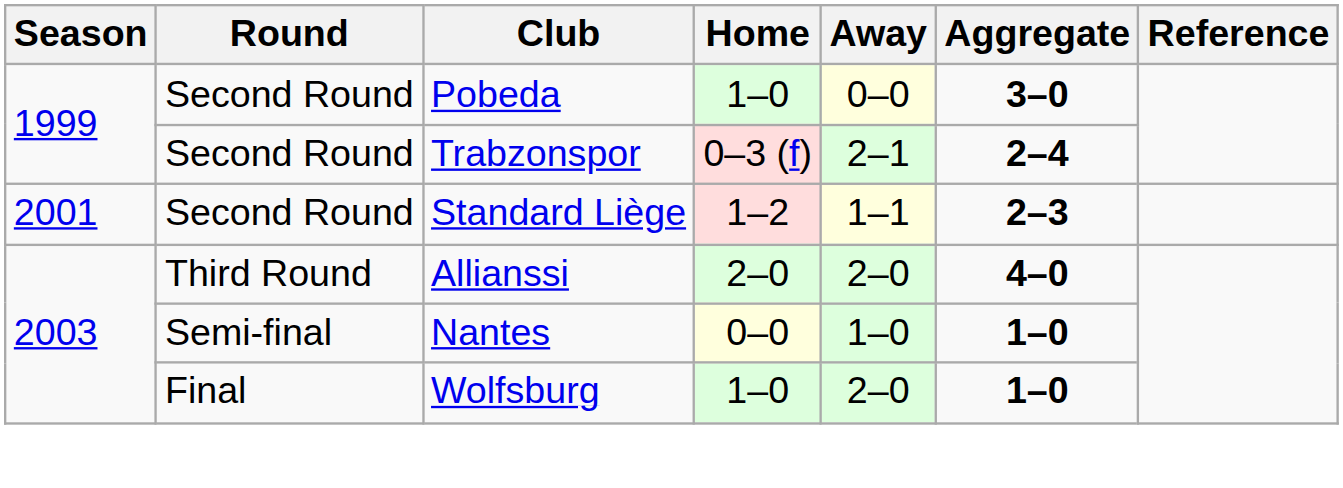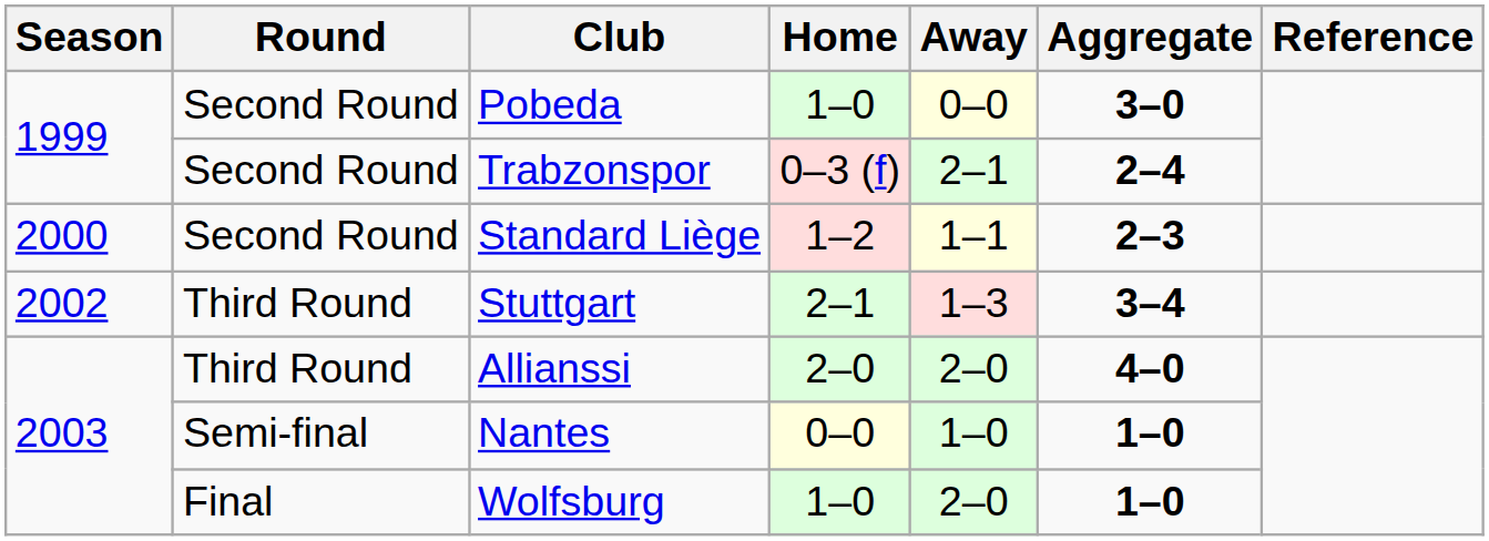 <table class="wikitable">
 <tr>
 <th>Season</th>
 <th>Round</th>
 <th>Club</th>
 <th>Home</th>
 <th>Away</th>
 <th>Aggregate</th>
 <th>Reference</th>
 </tr>
 <tr>
 <td rowspan=2><a href='#'>1999</a></td>
 <td>Second Round</td>
 <td> <a href='#'>Pobeda</a></td>
 <td style="text-align:center; background:#dfd;">1–0</td>
 <td style="text-align:center; background:#ffd;">0–0</td>
 <td style="text-align:center;"><strong>3–0</strong></td>
 <td rowspan=2 style="text-align:center;"></td>
 </tr>
 <tr>
 <td>Second Round</td>
 <td> <a href='#'>Trabzonspor</a></td>
 <td style="text-align:center; background:#fdd;">0–3 (<a href='#'>f</a>)</td>
 <td style="text-align:center; background:#dfd;">2–1</td>
 <td style="text-align:center;"><strong>2–4</strong></td>
 </tr>
 <tr>
-<td><a href='#'>2001</a></td>
+<td><a href='#'>2000</a></td>
 <td>Second Round</td>
 <td> <a href='#'>Standard Liège</a></td>
 <td style="text-align:center; background:#fdd;">1–2</td>
 <td style="text-align:center; background:#ffd;">1–1</td>
 <td style="text-align:center;"><strong>2–3</strong></td>
+<td style="text-align:center;"></td>
+</tr>
+<tr>
+<td><a href='#'>2002</a></td>
+<td>Third Round</td>
+<td> <a href='#'>Stuttgart</a></td>
+<td style="text-align:center; background:#dfd;">2–1</td>
+<td style="text-align:center; background:#fdd;">1–3</td>
+<td style="text-align:center;"><strong>3–4</strong></td>
 <td style="text-align:center;"></td>
 </tr>
 <tr>
 <td rowspan=3><a href='#'>2003</a></td>
 <td>Third Round</td>
 <td> <a href='#'>Allianssi</a></td>
 <td style="text-align:center; background:#dfd;">2–0</td>
 <td style="text-align:center; background:#dfd;">2–0</td>
 <td style="text-align:center;"><strong>4–0</strong></td>
 <td rowspan=3 style="text-align:center;"></td>
 </tr>
 <tr>
 <td>Semi-final</td>
 <td> <a href='#'>Nantes</a></td>
 <td style="text-align:center; background:#ffd;">0–0</td>
 <td style="text-align:center; background:#dfd;">1–0</td>
 <td style="text-align:center;"><strong>1–0</strong></td>
 </tr>
 <tr>
 <td>Final</td>
 <td> <a href='#'>Wolfsburg</a></td>
 <td style="text-align:center; background:#dfd;">1–0</td>
 <td style="text-align:center; background:#dfd;">2–0</td>
 <td style="text-align:center;"><strong>1–0</strong></td>
 </tr>
 </table>
